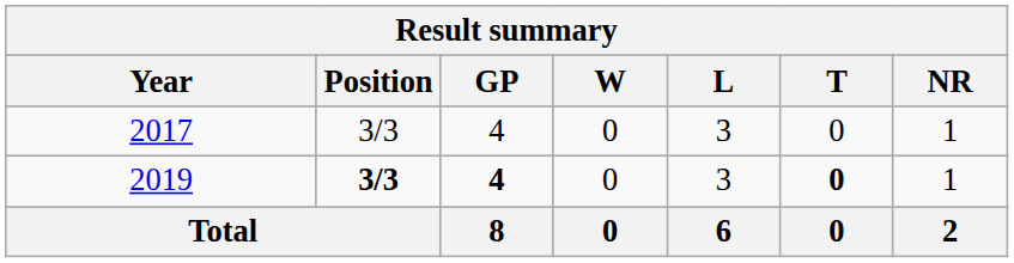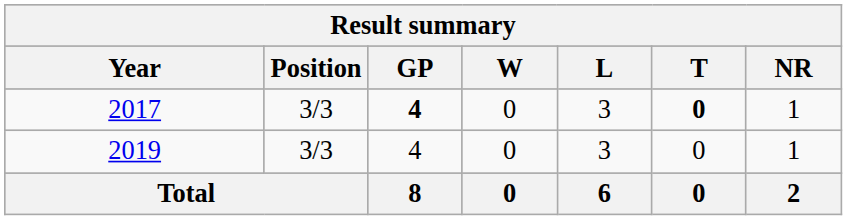 <table class="wikitable" style="text-align: center;">
 <tr>
 <th colspan=9>Result summary</th>
 </tr>
 <tr>
 <th width=150>Year</th>
 <th width=50>Position</th>
 <th width=50>GP</th>
 <th width=50>W</th>
 <th width=50>L</th>
 <th width=50>T</th>
 <th width=50>NR</th>
 </tr>
 <tr>
 <td>  <a href='#'>2017</a></td>
 <td>3/3</td>
+<td><strong>4</strong></td>
+<td>0</td>
+<td>3</td>
+<td><strong>0</strong></td>
+<td>1</td>
+</tr>
+<tr>
+<td> <a href='#'>2019</a></td>
+<td>3/3</td>
 <td>4</td>
 <td>0</td>
 <td>3</td>
 <td>0</td>
-<td>1</td>
-</tr>
-<tr>
-<td> <a href='#'>2019</a></td>
-<td><strong>3/3</strong></td>
-<td><strong>4</strong></td>
-<td>0</td>
-<td>3</td>
-<td><strong>0</strong></td>
 <td>1</td>
 </tr>
 <tr>
 <th colspan="2">Total</th>
 <th>8</th>
 <th>0</th>
 <th>6</th>
 <th>0</th>
 <th>2</th>
 </tr>
 </table>
